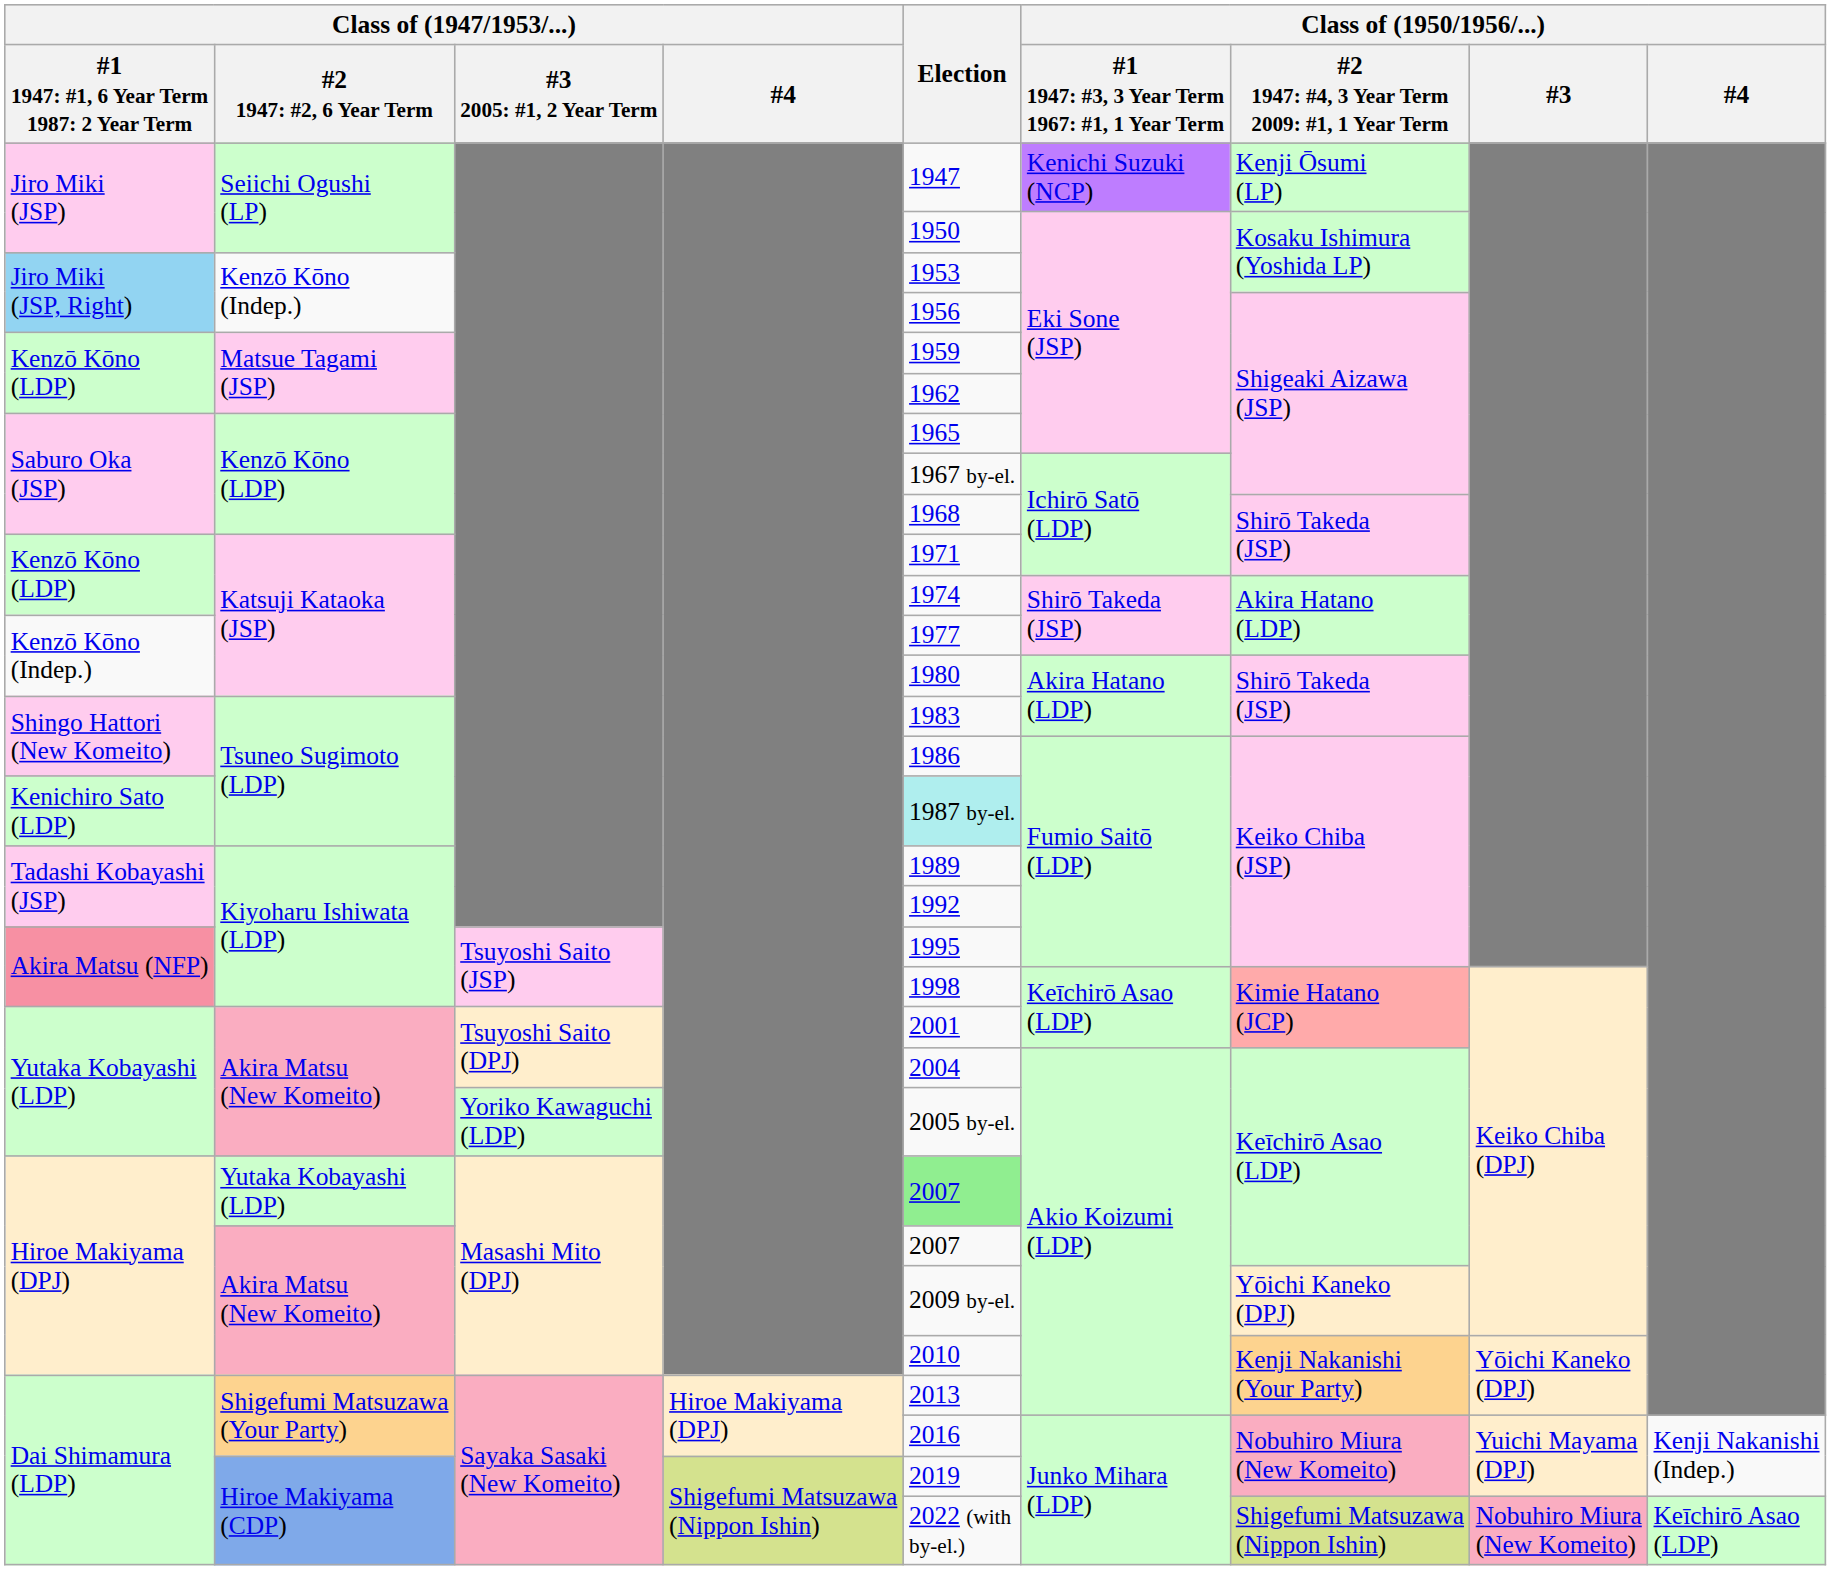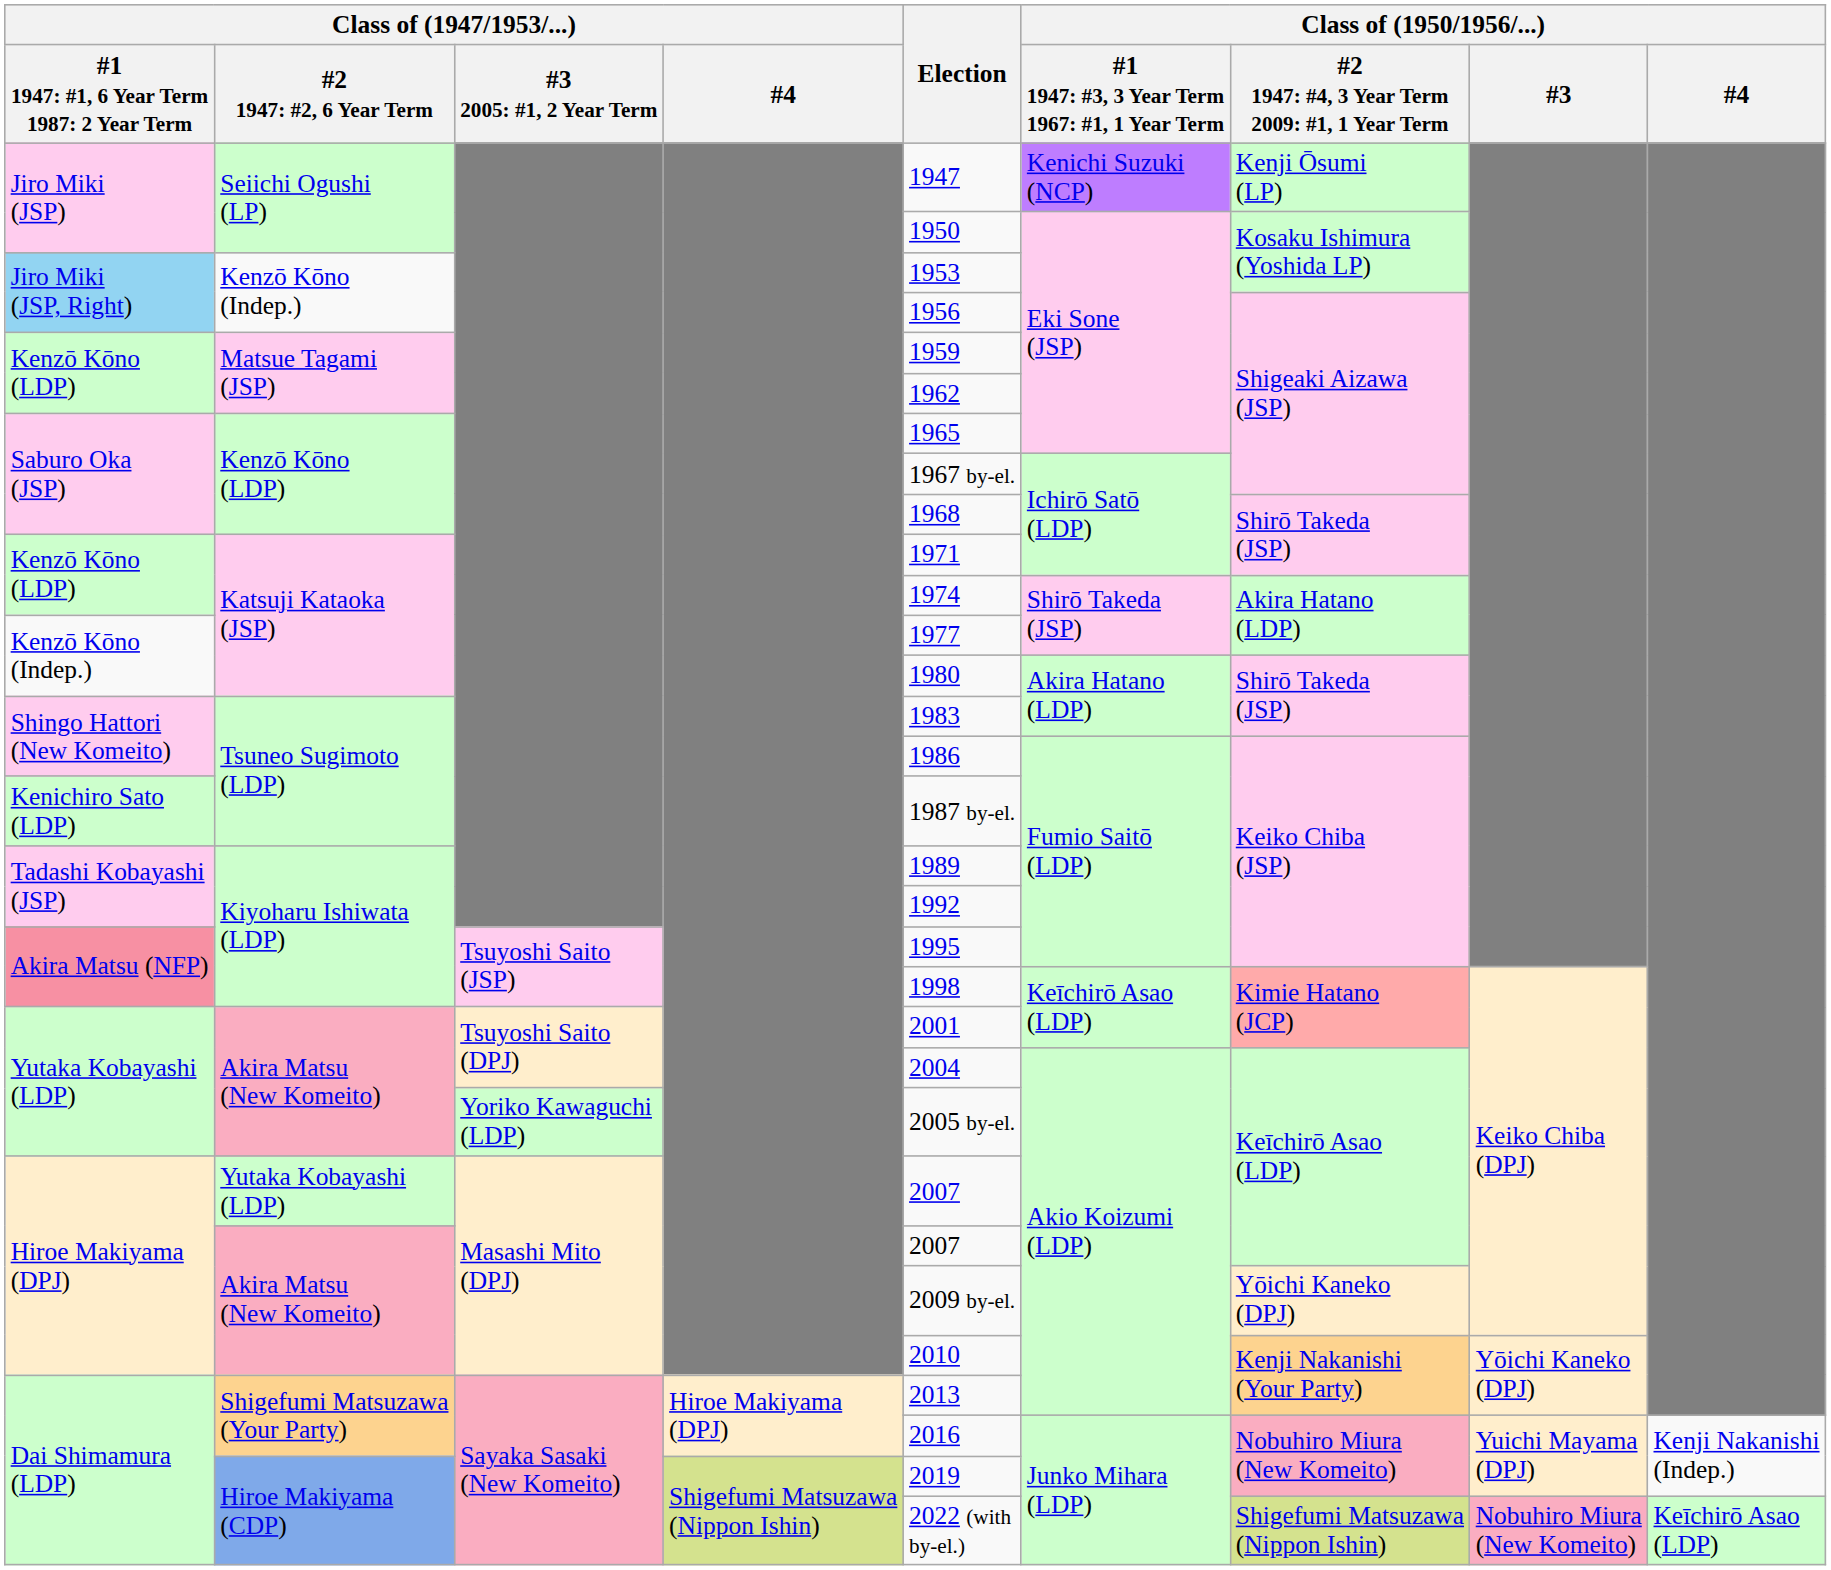 <table class="wikitable">
 <tr>
 <th colspan="4">Class of (1947/1953/...)</th>
 <th rowspan="2">Election</th>
 <th colspan="4">Class of (1950/1956/...)</th>
 </tr>
 <tr>
 <th>#1<br><small>1947: #1, 6 Year Term</small><br><small>1987: 2 Year Term</small></th>
 <th>#2<br><small>1947: #2, 6 Year Term</small></th>
 <th>#3<br><small>2005: #1, 2 Year Term</small></th>
 <th>#4</th>
 <th>#1<br><small>1947: #3, 3 Year Term</small><br><small>1967: #1, 1 Year Term</small></th>
 <th>#2<br><small>1947: #4, 3 Year Term</small><br><small>2009: #1, 1 Year Term</small></th>
 <th>#3</th>
 <th>#4</th>
 </tr>
 <tr>
 <td rowspan="2" bgcolor="#FFCCEE"><a href='#'>Jiro Miki</a><br>(<a href='#'>JSP</a>)</td>
 <td rowspan="2" bgcolor="#CCFFCC"><a href='#'>Seiichi Ogushi</a><br>(<a href='#'>LP</a>)</td>
 <td rowspan="18" bgcolor="grey"></td>
 <td rowspan="27" bgcolor="grey"></td>
 <td><a href='#'>1947</a></td>
 <td bgcolor="#be7dff"><a href='#'>Kenichi Suzuki</a><br>(<a href='#'>NCP</a>)</td>
 <td bgcolor="#CCFFCC"><a href='#'>Kenji Ōsumi</a><br>(<a href='#'>LP</a>)</td>
 <td rowspan="19" bgcolor="grey"></td>
 <td rowspan="28" bgcolor="grey"></td>
 </tr>
 <tr>
 <td><a href='#'>1950</a></td>
 <td rowspan="6" bgcolor="#FFCCEE"><a href='#'>Eki Sone</a><br>(<a href='#'>JSP</a>)</td>
 <td rowspan="2" bgcolor="#CCFFCC"><a href='#'>Kosaku Ishimura</a><br>(<a href='#'>Yoshida LP</a>)</td>
 </tr>
 <tr>
 <td rowspan="2" bgcolor="#92d4f2"><a href='#'>Jiro Miki</a><br>(<a href='#'>JSP, Right</a>)</td>
 <td rowspan="2"><a href='#'>Kenzō Kōno</a><br>(Indep.)</td>
 <td><a href='#'>1953</a></td>
 </tr>
 <tr>
 <td><a href='#'>1956</a></td>
 <td rowspan="5" bgcolor="#FFCCEE"><a href='#'>Shigeaki Aizawa</a><br>(<a href='#'>JSP</a>)</td>
 </tr>
 <tr>
 <td rowspan="2" bgcolor="#CCFFCC"><a href='#'>Kenzō Kōno</a><br>(<a href='#'>LDP</a>)</td>
 <td rowspan="2" bgcolor="#FFCCEE"><a href='#'>Matsue Tagami</a><br>(<a href='#'>JSP</a>)</td>
 <td><a href='#'>1959</a></td>
 </tr>
 <tr>
 <td><a href='#'>1962</a></td>
 </tr>
 <tr>
 <td rowspan="3" bgcolor="#FFCCEE"><a href='#'>Saburo Oka</a><br>(<a href='#'>JSP</a>)</td>
 <td rowspan="3" bgcolor="#CCFFCC"><a href='#'>Kenzō Kōno</a><br>(<a href='#'>LDP</a>)</td>
 <td><a href='#'>1965</a></td>
 </tr>
 <tr>
 <td>1967 <small>by-el.</small></td>
 <td rowspan="3" bgcolor="#CCFFCC"><a href='#'>Ichirō Satō</a><br>(<a href='#'>LDP</a>)</td>
 </tr>
 <tr>
 <td><a href='#'>1968</a></td>
 <td rowspan="2" bgcolor="#FFCCEE"><a href='#'>Shirō Takeda</a><br>(<a href='#'>JSP</a>)</td>
 </tr>
 <tr>
 <td rowspan="2" bgcolor="#CCFFCC"><a href='#'>Kenzō Kōno</a><br>(<a href='#'>LDP</a>)</td>
 <td rowspan="4" bgcolor="#FFCCEE"><a href='#'>Katsuji Kataoka</a><br>(<a href='#'>JSP</a>)</td>
 <td><a href='#'>1971</a></td>
 </tr>
 <tr>
 <td><a href='#'>1974</a></td>
 <td rowspan="2" bgcolor="#FFCCEE"><a href='#'>Shirō Takeda</a><br>(<a href='#'>JSP</a>)</td>
 <td rowspan="2" bgcolor="#CCFFCC"><a href='#'>Akira Hatano</a><br>(<a href='#'>LDP</a>)</td>
 </tr>
 <tr>
 <td rowspan="2"><a href='#'>Kenzō Kōno</a><br>(Indep.)</td>
 <td><a href='#'>1977</a></td>
 </tr>
 <tr>
 <td><a href='#'>1980</a></td>
 <td rowspan="2" bgcolor="#CCFFCC"><a href='#'>Akira Hatano</a><br>(<a href='#'>LDP</a>)</td>
 <td rowspan="2" bgcolor="#FFCCEE"><a href='#'>Shirō Takeda</a><br>(<a href='#'>JSP</a>)</td>
 </tr>
 <tr>
 <td rowspan="2" bgcolor="#FFCCEE"><a href='#'>Shingo Hattori</a><br>(<a href='#'>New Komeito</a>)</td>
 <td rowspan="3" bgcolor="#CCFFCC"><a href='#'>Tsuneo Sugimoto</a><br>(<a href='#'>LDP</a>)</td>
 <td><a href='#'>1983</a></td>
 </tr>
 <tr>
 <td><a href='#'>1986</a></td>
 <td rowspan="5" bgcolor="#CCFFCC"><a href='#'>Fumio Saitō</a><br>(<a href='#'>LDP</a>)</td>
 <td rowspan="5" bgcolor="#FFCCEE"><a href='#'>Keiko Chiba</a><br>(<a href='#'>JSP</a>)</td>
 </tr>
 <tr>
 <td bgcolor="#CCFFCC"><a href='#'>Kenichiro Sato</a><br>(<a href='#'>LDP</a>)</td>
-<td style="background: paleturquoise;">1987 <small>by-el.</small></td>
+<td>1987 <small>by-el.</small></td>
 </tr>
 <tr>
 <td rowspan="2" bgcolor="#FFCCEE"><a href='#'>Tadashi Kobayashi</a><br>(<a href='#'>JSP</a>)</td>
 <td rowspan="4" bgcolor="#CCFFCC"><a href='#'>Kiyoharu Ishiwata</a><br>(<a href='#'>LDP</a>)</td>
 <td><a href='#'>1989</a></td>
 </tr>
 <tr>
 <td><a href='#'>1992</a></td>
 </tr>
 <tr>
 <td rowspan="2" bgcolor="#f790a3"><a href='#'>Akira Matsu</a> (<a href='#'>NFP</a>)</td>
 <td rowspan="2" bgcolor="#FFCCEE"><a href='#'>Tsuyoshi Saito</a><br>(<a href='#'>JSP</a>)</td>
 <td><a href='#'>1995</a></td>
 </tr>
 <tr>
 <td><a href='#'>1998</a></td>
 <td rowspan="2" bgcolor="#CCFFCC"><a href='#'>Keīchirō Asao</a><br>(<a href='#'>LDP</a>)</td>
 <td rowspan="2" bgcolor="#ffaaaa"><a href='#'>Kimie Hatano</a><br>(<a href='#'>JCP</a>)</td>
 <td rowspan="7" bgcolor="#FFEECC"><a href='#'>Keiko Chiba</a><br>(<a href='#'>DPJ</a>)</td>
 </tr>
 <tr>
 <td rowspan="3" bgcolor="#CCFFCC"><a href='#'>Yutaka Kobayashi</a><br>(<a href='#'>LDP</a>)</td>
 <td rowspan="3" bgcolor="#faadc1"><a href='#'>Akira Matsu</a><br>(<a href='#'>New Komeito</a>)</td>
 <td rowspan="2" bgcolor="#FFEECC"><a href='#'>Tsuyoshi Saito</a><br>(<a href='#'>DPJ</a>)</td>
 <td><a href='#'>2001</a></td>
 </tr>
 <tr>
 <td><a href='#'>2004</a></td>
 <td rowspan="7" bgcolor="#CCFFCC"><a href='#'>Akio Koizumi</a><br>(<a href='#'>LDP</a>)</td>
 <td rowspan="4" bgcolor="#CCFFCC"><a href='#'>Keīchirō Asao</a><br>(<a href='#'>LDP</a>)</td>
 </tr>
 <tr>
 <td bgcolor="#CCFFCC"><a href='#'>Yoriko Kawaguchi</a><br>(<a href='#'>LDP</a>)</td>
 <td>2005 <small>by-el.</small></td>
 </tr>
 <tr>
 <td rowspan="4" bgcolor="#FFEECC"><a href='#'>Hiroe Makiyama</a><br>(<a href='#'>DPJ</a>)</td>
 <td bgcolor="#CCFFCC"><a href='#'>Yutaka Kobayashi</a><br>(<a href='#'>LDP</a>)</td>
 <td rowspan="4" bgcolor="#FFEECC"><a href='#'>Masashi Mito</a><br>(<a href='#'>DPJ</a>)</td>
-<td style="background: lightgreen;"><a href='#'>2007</a></td>
+<td><a href='#'>2007</a></td>
 </tr>
 <tr>
 <td rowspan="3" bgcolor="#faadc1"><a href='#'>Akira Matsu</a><br>(<a href='#'>New Komeito</a>)</td>
 <td>2007</td>
 </tr>
 <tr>
 <td>2009 <small>by-el.</small></td>
 <td bgcolor="#FFEECC"><a href='#'>Yōichi Kaneko</a><br>(<a href='#'>DPJ</a>)</td>
 </tr>
 <tr>
 <td><a href='#'>2010</a></td>
 <td rowspan="2" bgcolor="#fdd38f"><a href='#'>Kenji Nakanishi</a><br>(<a href='#'>Your Party</a>)</td>
 <td rowspan="2" bgcolor="#FFEECC"><a href='#'>Yōichi Kaneko</a><br>(<a href='#'>DPJ</a>)</td>
 </tr>
 <tr>
 <td rowspan="4" bgcolor="#CCFFCC"><a href='#'>Dai Shimamura</a><br>(<a href='#'>LDP</a>)</td>
 <td rowspan="2" bgcolor="#fdd38f"><a href='#'>Shigefumi Matsuzawa</a><br>(<a href='#'>Your Party</a>)</td>
 <td rowspan="4" bgcolor="#faadc1"><a href='#'>Sayaka Sasaki</a><br>(<a href='#'>New Komeito</a>)</td>
 <td rowspan="2" bgcolor="#FFEECC"><a href='#'>Hiroe Makiyama</a><br>(<a href='#'>DPJ</a>)</td>
 <td><a href='#'>2013</a></td>
 </tr>
 <tr>
 <td><a href='#'>2016</a></td>
 <td rowspan="3" bgcolor="#CCFFCC"><a href='#'>Junko Mihara</a><br>(<a href='#'>LDP</a>)</td>
 <td rowspan="2" bgcolor="#faadc1"><a href='#'>Nobuhiro Miura</a><br>(<a href='#'>New Komeito</a>)</td>
 <td rowspan="2" bgcolor="#FFEECC"><a href='#'>Yuichi Mayama</a><br>(<a href='#'>DPJ</a>)</td>
 <td rowspan="2"><a href='#'>Kenji Nakanishi</a><br>(Indep.)</td>
 </tr>
 <tr>
 <td rowspan="2" bgcolor="#7fa9e9"><a href='#'>Hiroe Makiyama</a><br>(<a href='#'>CDP</a>)</td>
 <td rowspan="2" bgcolor="#d4e28e"><a href='#'>Shigefumi Matsuzawa</a><br>(<a href='#'>Nippon Ishin</a>)</td>
 <td><a href='#'>2019</a></td>
 </tr>
 <tr>
 <td><a href='#'>2022</a> <small>(with </small><br><small>by-el.)</small></td>
 <td bgcolor="#d4e28e"><a href='#'>Shigefumi Matsuzawa</a><br>(<a href='#'>Nippon Ishin</a>)</td>
 <td bgcolor="#faadc1"><a href='#'>Nobuhiro Miura</a><br>(<a href='#'>New Komeito</a>)</td>
 <td bgcolor="#CCFFCC"><a href='#'>Keīchirō Asao</a><br>(<a href='#'>LDP</a>)</td>
 </tr>
 </table>
